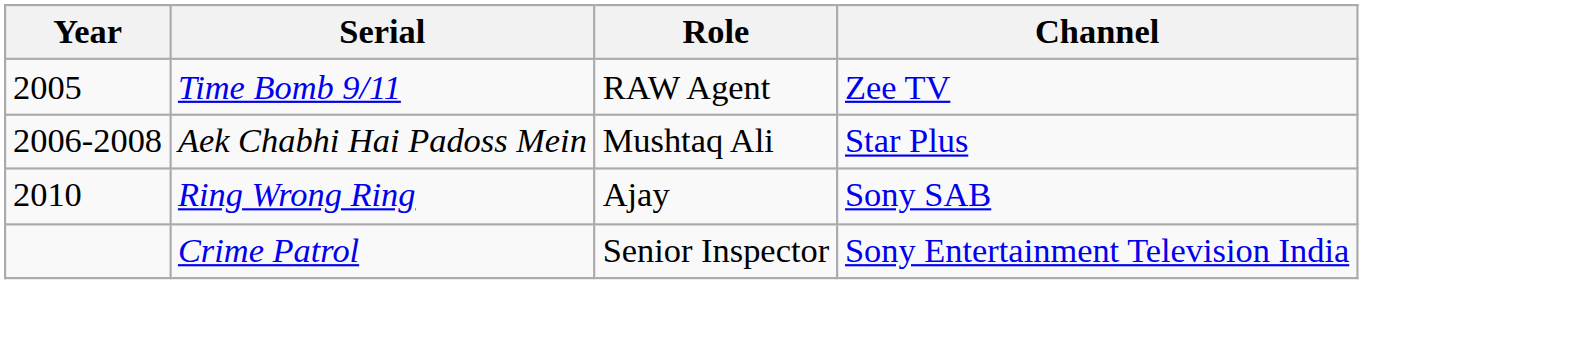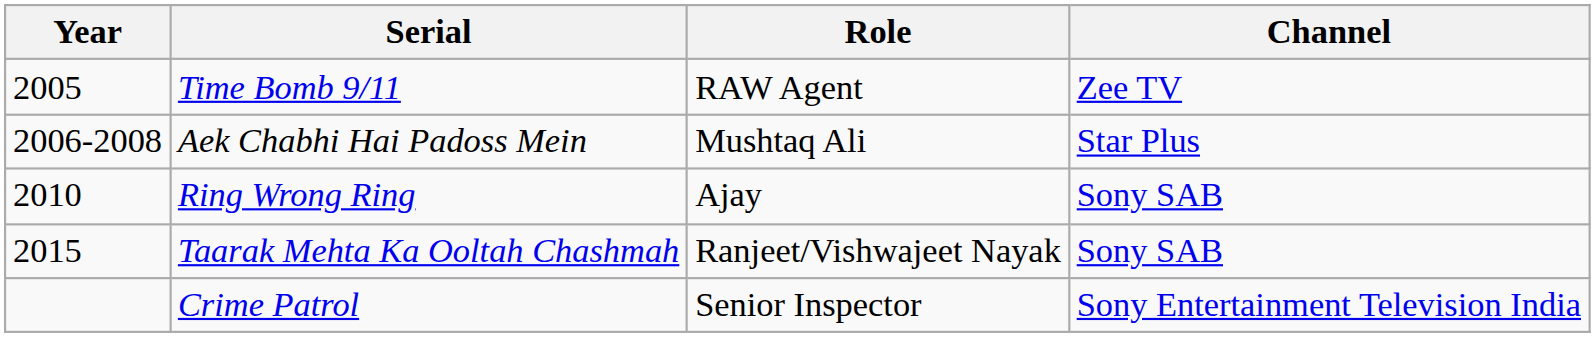 <table class="wikitable sortable">
 <tr>
 <th>Year</th>
 <th>Serial</th>
 <th>Role</th>
 <th>Channel</th>
 </tr>
 <tr>
 <td>2005</td>
 <td><em><a href='#'>Time Bomb 9/11</a></em></td>
 <td>RAW Agent</td>
 <td><a href='#'>Zee TV</a></td>
 </tr>
 <tr>
 <td>2006-2008</td>
 <td><em>Aek Chabhi Hai Padoss Mein</em></td>
 <td>Mushtaq Ali</td>
 <td><a href='#'>Star Plus</a></td>
 </tr>
 <tr>
 <td>2010</td>
 <td><em><a href='#'>Ring Wrong Ring</a></em></td>
 <td>Ajay</td>
 <td><a href='#'>Sony SAB</a></td>
 </tr>
 <tr>
+<td>2015</td>
+<td><em><a href='#'>Taarak Mehta Ka Ooltah Chashmah</a></em></td>
+<td>Ranjeet/Vishwajeet Nayak</td>
+<td><a href='#'>Sony SAB</a></td>
+</tr>
+<tr>
 <td></td>
 <td><em><a href='#'>Crime Patrol</a></em></td>
 <td>Senior Inspector</td>
 <td><a href='#'>Sony Entertainment Television India</a></td>
 </tr>
 </table>
